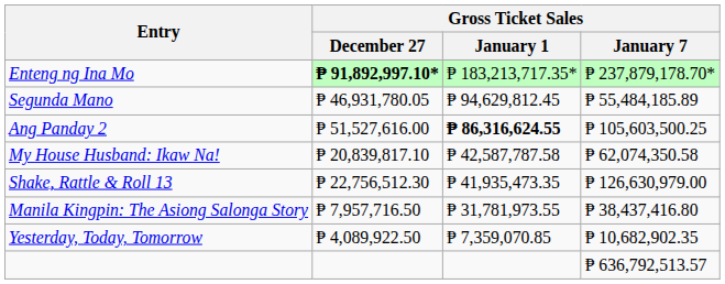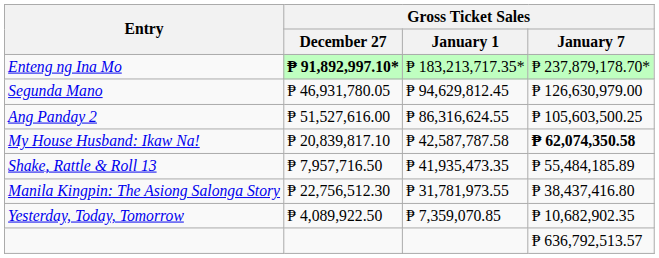 <table class="wikitable sortable" style="text align: center">
 <tr bgcolor="#efefef">
 <th rowspan=2>Entry</th>
 <th colspan=5>Gross Ticket Sales</th>
 </tr>
 <tr>
 <th>December 27</th>
 <th>January 1</th>
 <th>January 7</th>
 </tr>
 <tr>
 <td><em><a href='#'>Enteng ng Ina Mo</a></em></td>
 <td data-sort-value="1" style="background:#BFFFC0;"><strong>₱ 91,892,997.10*</strong></td>
 <td data-sort-value="1" style="background:#BFFFC0;">₱ 183,213,717.35*</td>
 <td data-sort-value="1" style="background:#BFFFC0;">₱ 237,879,178.70*</td>
 </tr>
 <tr>
 <td><em><a href='#'>Segunda Mano</a></em></td>
 <td data-sort-value="3">₱ 46,931,780.05</td>
 <td data-sort-value="2">₱ 94,629,812.45</td>
-<td data-sort-value="5">₱ 55,484,185.89</td>
+<td data-sort-value="2">₱ 126,630,979.00</td>
 </tr>
 <tr>
 <td><em><a href='#'>Ang Panday 2</a></em></td>
 <td data-sort-value="2">₱ 51,527,616.00</td>
-<td data-sort-value="3"><strong>₱ 86,316,624.55</strong></td>
+<td data-sort-value="3">₱ 86,316,624.55</td>
 <td data-sort-value="3">₱ 105,603,500.25</td>
 </tr>
 <tr>
 <td><em><a href='#'>My House Husband: Ikaw Na!</a></em></td>
 <td data-sort-value="5">₱ 20,839,817.10</td>
 <td data-sort-value="4">₱ 42,587,787.58</td>
-<td data-sort-value="4">₱ 62,074,350.58</td>
+<td data-sort-value="4"><strong>₱ 62,074,350.58</strong></td>
 </tr>
 <tr>
 <td><em><a href='#'>Shake, Rattle & Roll 13</a></em></td>
-<td data-sort-value="4">₱ 22,756,512.30</td>
+<td data-sort-value="6">₱ 7,957,716.50</td>
 <td data-sort-value="5">₱ 41,935,473.35</td>
-<td data-sort-value="2">₱ 126,630,979.00</td>
+<td data-sort-value="5">₱ 55,484,185.89</td>
 </tr>
 <tr>
 <td><em><a href='#'>Manila Kingpin: The Asiong Salonga Story</a></em></td>
-<td data-sort-value="6">₱ 7,957,716.50</td>
+<td data-sort-value="4">₱ 22,756,512.30</td>
 <td data-sort-value="6">₱ 31,781,973.55</td>
 <td data-sort-value="6">₱ 38,437,416.80</td>
 </tr>
 <tr>
 <td><em><a href='#'>Yesterday, Today, Tomorrow</a></em></td>
 <td data-sort-value="7">₱ 4,089,922.50</td>
 <td data-sort-value="7">₱ 7,359,070.85</td>
 <td data-sort-value="7">₱ 10,682,902.35</td>
 </tr>
 <tr>
 <td></td>
 <td></td>
 <td><strong></strong></td>
 <td>₱ 636,792,513.57</td>
 </tr>
 </table>
